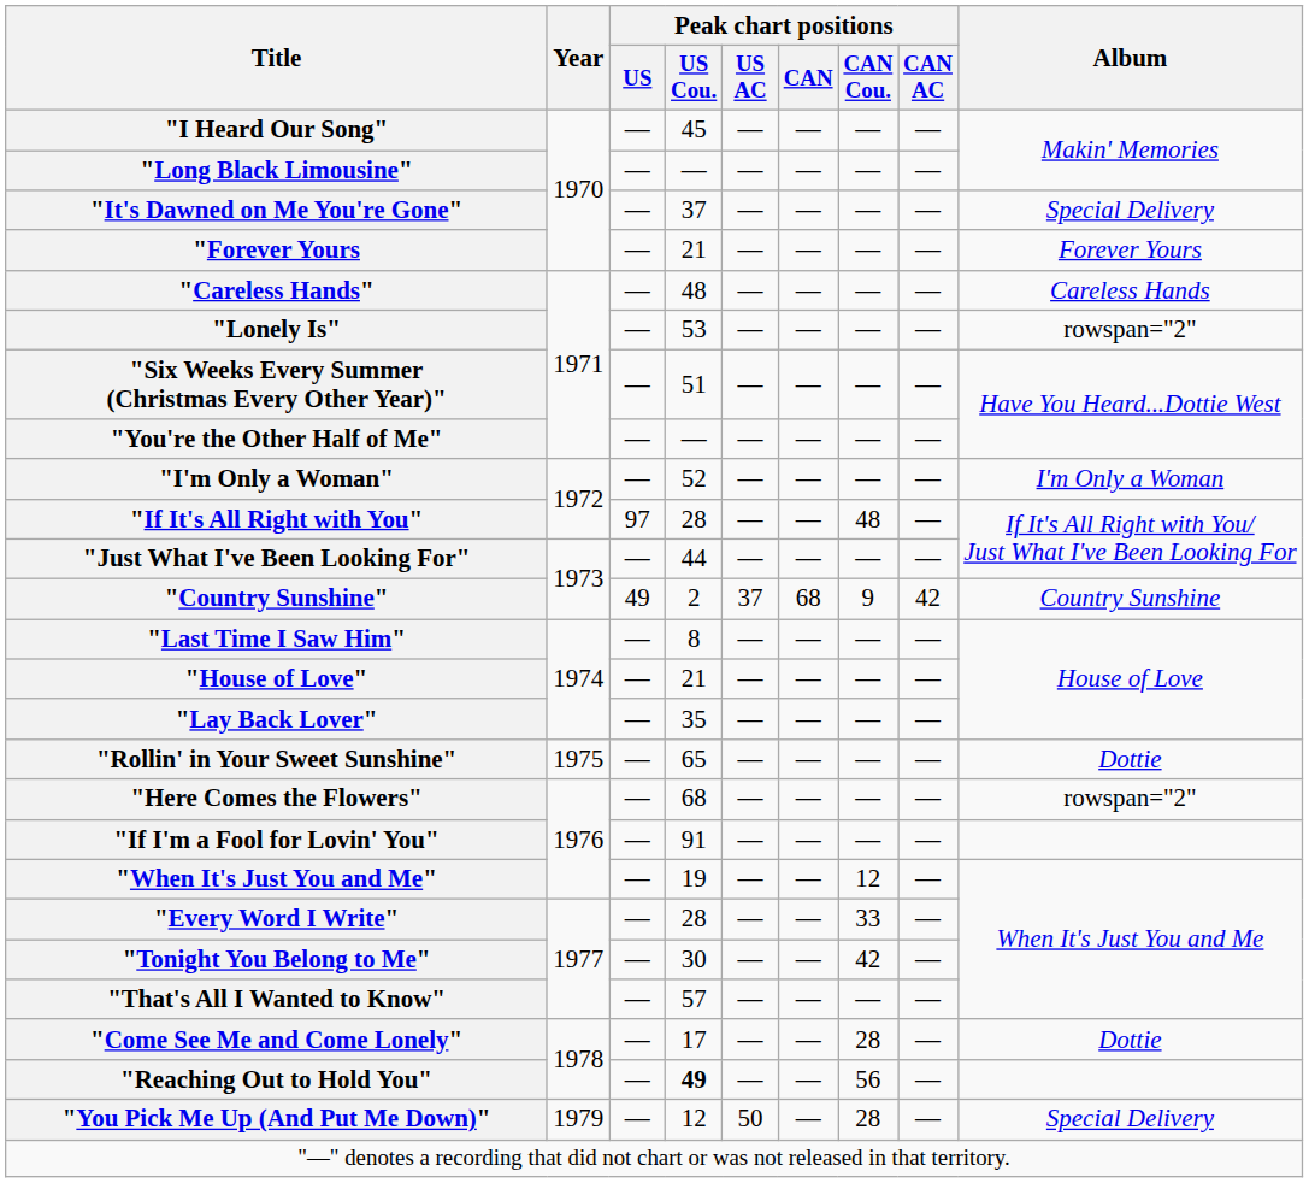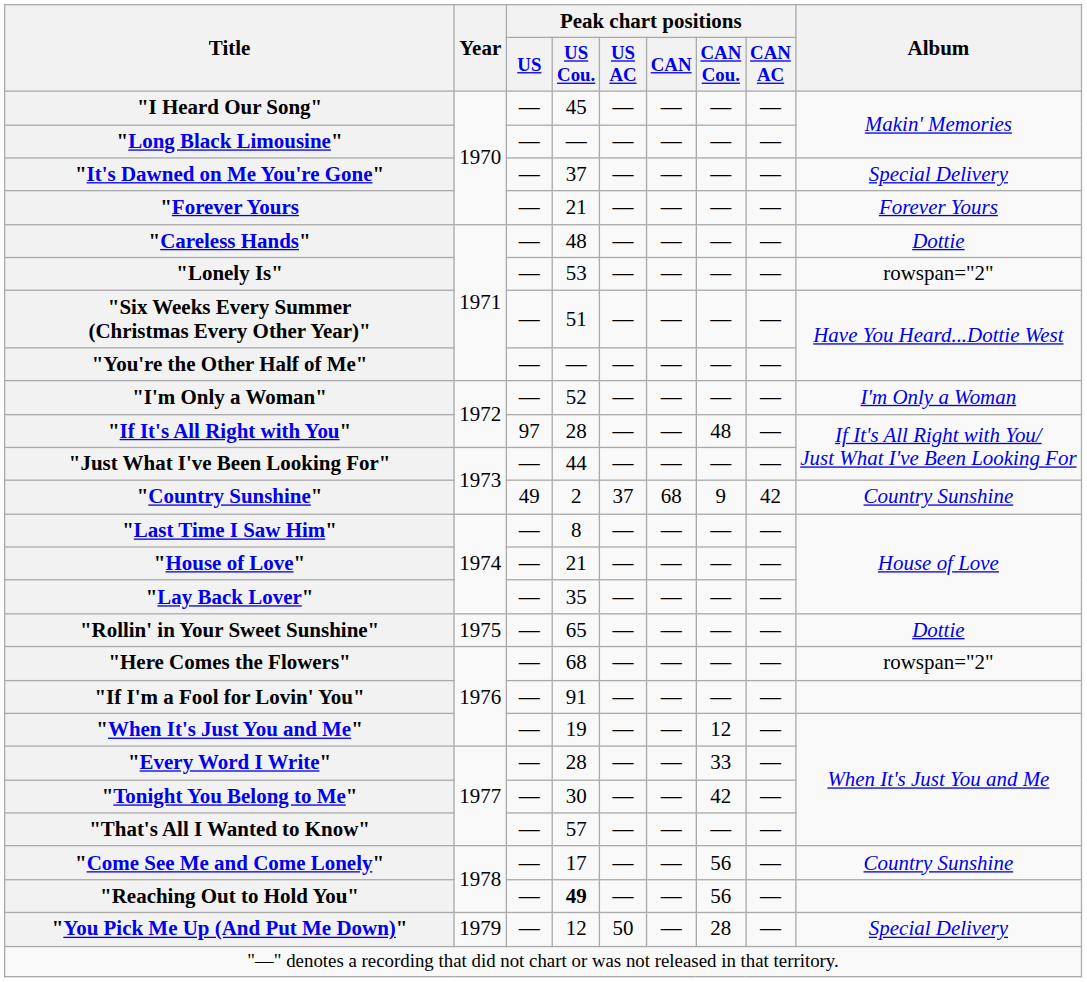 <table class="wikitable plainrowheaders" style="text-align:center;" border="1">
 <tr>
 <th scope="col" rowspan="2" style="width:21em;">Title</th>
 <th scope="col" rowspan="2">Year</th>
 <th scope="col" colspan="6">Peak chart positions</th>
 <th scope="col" rowspan="2">Album</th>
 </tr>
 <tr>
 <th scope="col" style="width:2em;font-size:90%;"><a href='#'>US</a><br></th>
 <th scope="col" style="width:2em;font-size:90%;"><a href='#'>US<br>Cou.</a><br></th>
 <th scope="col" style="width:2em;font-size:90%;"><a href='#'>US<br>AC</a><br></th>
 <th scope="col" style="width:2em;font-size:90%;"><a href='#'>CAN</a><br></th>
 <th scope="col" style="width:2em;font-size:90%;"><a href='#'>CAN<br>Cou.</a><br></th>
 <th scope="col" style="width:2em;font-size:90%;"><a href='#'>CAN<br>AC</a><br></th>
 </tr>
 <tr>
 <th scope="row">"I Heard Our Song"</th>
 <td rowspan="4">1970</td>
 <td>—</td>
 <td>45</td>
 <td>—</td>
 <td>—</td>
 <td>—</td>
 <td>—</td>
 <td rowspan="2"><em><a href='#'>Makin' Memories</a></em></td>
 </tr>
 <tr>
 <th scope="row">"<a href='#'>Long Black Limousine</a>"</th>
 <td>—</td>
 <td>—</td>
 <td>—</td>
 <td>—</td>
 <td>—</td>
 <td>—</td>
 </tr>
 <tr>
 <th scope="row">"<a href='#'>It's Dawned on Me You're Gone</a>"</th>
 <td>—</td>
 <td>37</td>
 <td>—</td>
 <td>—</td>
 <td>—</td>
 <td>—</td>
 <td><em><a href='#'>Special Delivery</a></em></td>
 </tr>
 <tr>
 <th scope="row">"<a href='#'>Forever Yours</a></th>
 <td>—</td>
 <td>21</td>
 <td>—</td>
 <td>—</td>
 <td>—</td>
 <td>—</td>
 <td><em><a href='#'>Forever Yours</a></em></td>
 </tr>
 <tr>
 <th scope="row">"<a href='#'>Careless Hands</a>"</th>
 <td rowspan="4">1971</td>
 <td>—</td>
 <td>48</td>
 <td>—</td>
 <td>—</td>
 <td>—</td>
 <td>—</td>
-<td><em><a href='#'>Careless Hands</a></em></td>
+<td><em><a href='#'>Dottie</a></em></td>
 </tr>
 <tr>
 <th scope="row">"Lonely Is"</th>
 <td>—</td>
 <td>53</td>
 <td>—</td>
 <td>—</td>
 <td>—</td>
 <td>—</td>
 <td>rowspan="2" </td>
 </tr>
 <tr>
 <th scope="row">"Six Weeks Every Summer<br>(Christmas Every Other Year)"</th>
 <td>—</td>
 <td>51</td>
 <td>—</td>
 <td>—</td>
 <td>—</td>
 <td>—</td>
 <td rowspan="2"><em><a href='#'>Have You Heard...Dottie West</a></em></td>
 </tr>
 <tr>
 <th scope="row">"You're the Other Half of Me"</th>
 <td>—</td>
 <td>—</td>
 <td>—</td>
 <td>—</td>
 <td>—</td>
 <td>—</td>
 </tr>
 <tr>
 <th scope="row">"I'm Only a Woman"</th>
 <td rowspan="2">1972</td>
 <td>—</td>
 <td>52</td>
 <td>—</td>
 <td>—</td>
 <td>—</td>
 <td>—</td>
 <td><em><a href='#'>I'm Only a Woman</a></em></td>
 </tr>
 <tr>
 <th scope="row">"<a href='#'>If It's All Right with You</a>"</th>
 <td>97</td>
 <td>28</td>
 <td>—</td>
 <td>—</td>
 <td>48</td>
 <td>—</td>
 <td rowspan="2"><em><a href='#'>If It's All Right with You/<br>Just What I've Been Looking For</a></em></td>
 </tr>
 <tr>
 <th scope="row">"Just What I've Been Looking For"</th>
 <td rowspan="2">1973</td>
 <td>—</td>
 <td>44</td>
 <td>—</td>
 <td>—</td>
 <td>—</td>
 <td>—</td>
 </tr>
 <tr>
 <th scope="row">"<a href='#'>Country Sunshine</a>"</th>
 <td>49</td>
 <td>2</td>
 <td>37</td>
 <td>68</td>
 <td>9</td>
 <td>42</td>
 <td><em><a href='#'>Country Sunshine</a></em></td>
 </tr>
 <tr>
 <th scope="row">"<a href='#'>Last Time I Saw Him</a>"</th>
 <td rowspan="3">1974</td>
 <td>—</td>
 <td>8</td>
 <td>—</td>
 <td>—</td>
 <td>—</td>
 <td>—</td>
 <td rowspan="3"><em><a href='#'>House of Love</a></em></td>
 </tr>
 <tr>
 <th scope="row">"<a href='#'>House of Love</a>"</th>
 <td>—</td>
 <td>21</td>
 <td>—</td>
 <td>—</td>
 <td>—</td>
 <td>—</td>
 </tr>
 <tr>
 <th scope="row">"<a href='#'>Lay Back Lover</a>"</th>
 <td>—</td>
 <td>35</td>
 <td>—</td>
 <td>—</td>
 <td>—</td>
 <td>—</td>
 </tr>
 <tr>
 <th scope="row">"Rollin' in Your Sweet Sunshine"</th>
 <td>1975</td>
 <td>—</td>
 <td>65</td>
 <td>—</td>
 <td>—</td>
 <td>—</td>
 <td>—</td>
 <td><em><a href='#'>Dottie</a></em></td>
 </tr>
 <tr>
 <th scope="row">"Here Comes the Flowers"</th>
 <td rowspan="3">1976</td>
 <td>—</td>
 <td>68</td>
 <td>—</td>
 <td>—</td>
 <td>—</td>
 <td>—</td>
 <td>rowspan="2" </td>
 </tr>
 <tr>
 <th scope="row">"If I'm a Fool for Lovin' You"</th>
 <td>—</td>
 <td>91</td>
 <td>—</td>
 <td>—</td>
 <td>—</td>
 <td>—</td>
 </tr>
 <tr>
 <th scope="row">"<a href='#'>When It's Just You and Me</a>"</th>
 <td>—</td>
 <td>19</td>
 <td>—</td>
 <td>—</td>
 <td>12</td>
 <td>—</td>
 <td rowspan="4"><em><a href='#'>When It's Just You and Me</a></em></td>
 </tr>
 <tr>
 <th scope="row">"<a href='#'>Every Word I Write</a>"</th>
 <td rowspan="3">1977</td>
 <td>—</td>
 <td>28</td>
 <td>—</td>
 <td>—</td>
 <td>33</td>
 <td>—</td>
 </tr>
 <tr>
 <th scope="row">"<a href='#'>Tonight You Belong to Me</a>"</th>
 <td>—</td>
 <td>30</td>
 <td>—</td>
 <td>—</td>
 <td>42</td>
 <td>—</td>
 </tr>
 <tr>
 <th scope="row">"That's All I Wanted to Know"</th>
 <td>—</td>
 <td>57</td>
 <td>—</td>
 <td>—</td>
 <td>—</td>
 <td>—</td>
 </tr>
 <tr>
 <th scope="row">"<a href='#'>Come See Me and Come Lonely</a>"</th>
 <td rowspan="2">1978</td>
 <td>—</td>
 <td>17</td>
 <td>—</td>
 <td>—</td>
-<td>28</td>
+<td>56</td>
 <td>—</td>
-<td><em><a href='#'>Dottie</a></em></td>
+<td><em><a href='#'>Country Sunshine</a></em></td>
 </tr>
 <tr>
 <th scope="row">"Reaching Out to Hold You"</th>
 <td>—</td>
 <td><strong>49</strong></td>
 <td>—</td>
 <td>—</td>
 <td>56</td>
 <td>—</td>
 <td></td>
 </tr>
 <tr>
 <th scope="row">"<a href='#'>You Pick Me Up (And Put Me Down)</a>"</th>
 <td>1979</td>
 <td>—</td>
 <td>12</td>
 <td>50</td>
 <td>—</td>
 <td>28</td>
 <td>—</td>
 <td><em><a href='#'>Special Delivery</a></em></td>
 </tr>
 <tr>
 <td colspan="9" style="font-size:90%">"—" denotes a recording that did not chart or was not released in that territory.</td>
 </tr>
 </table>
